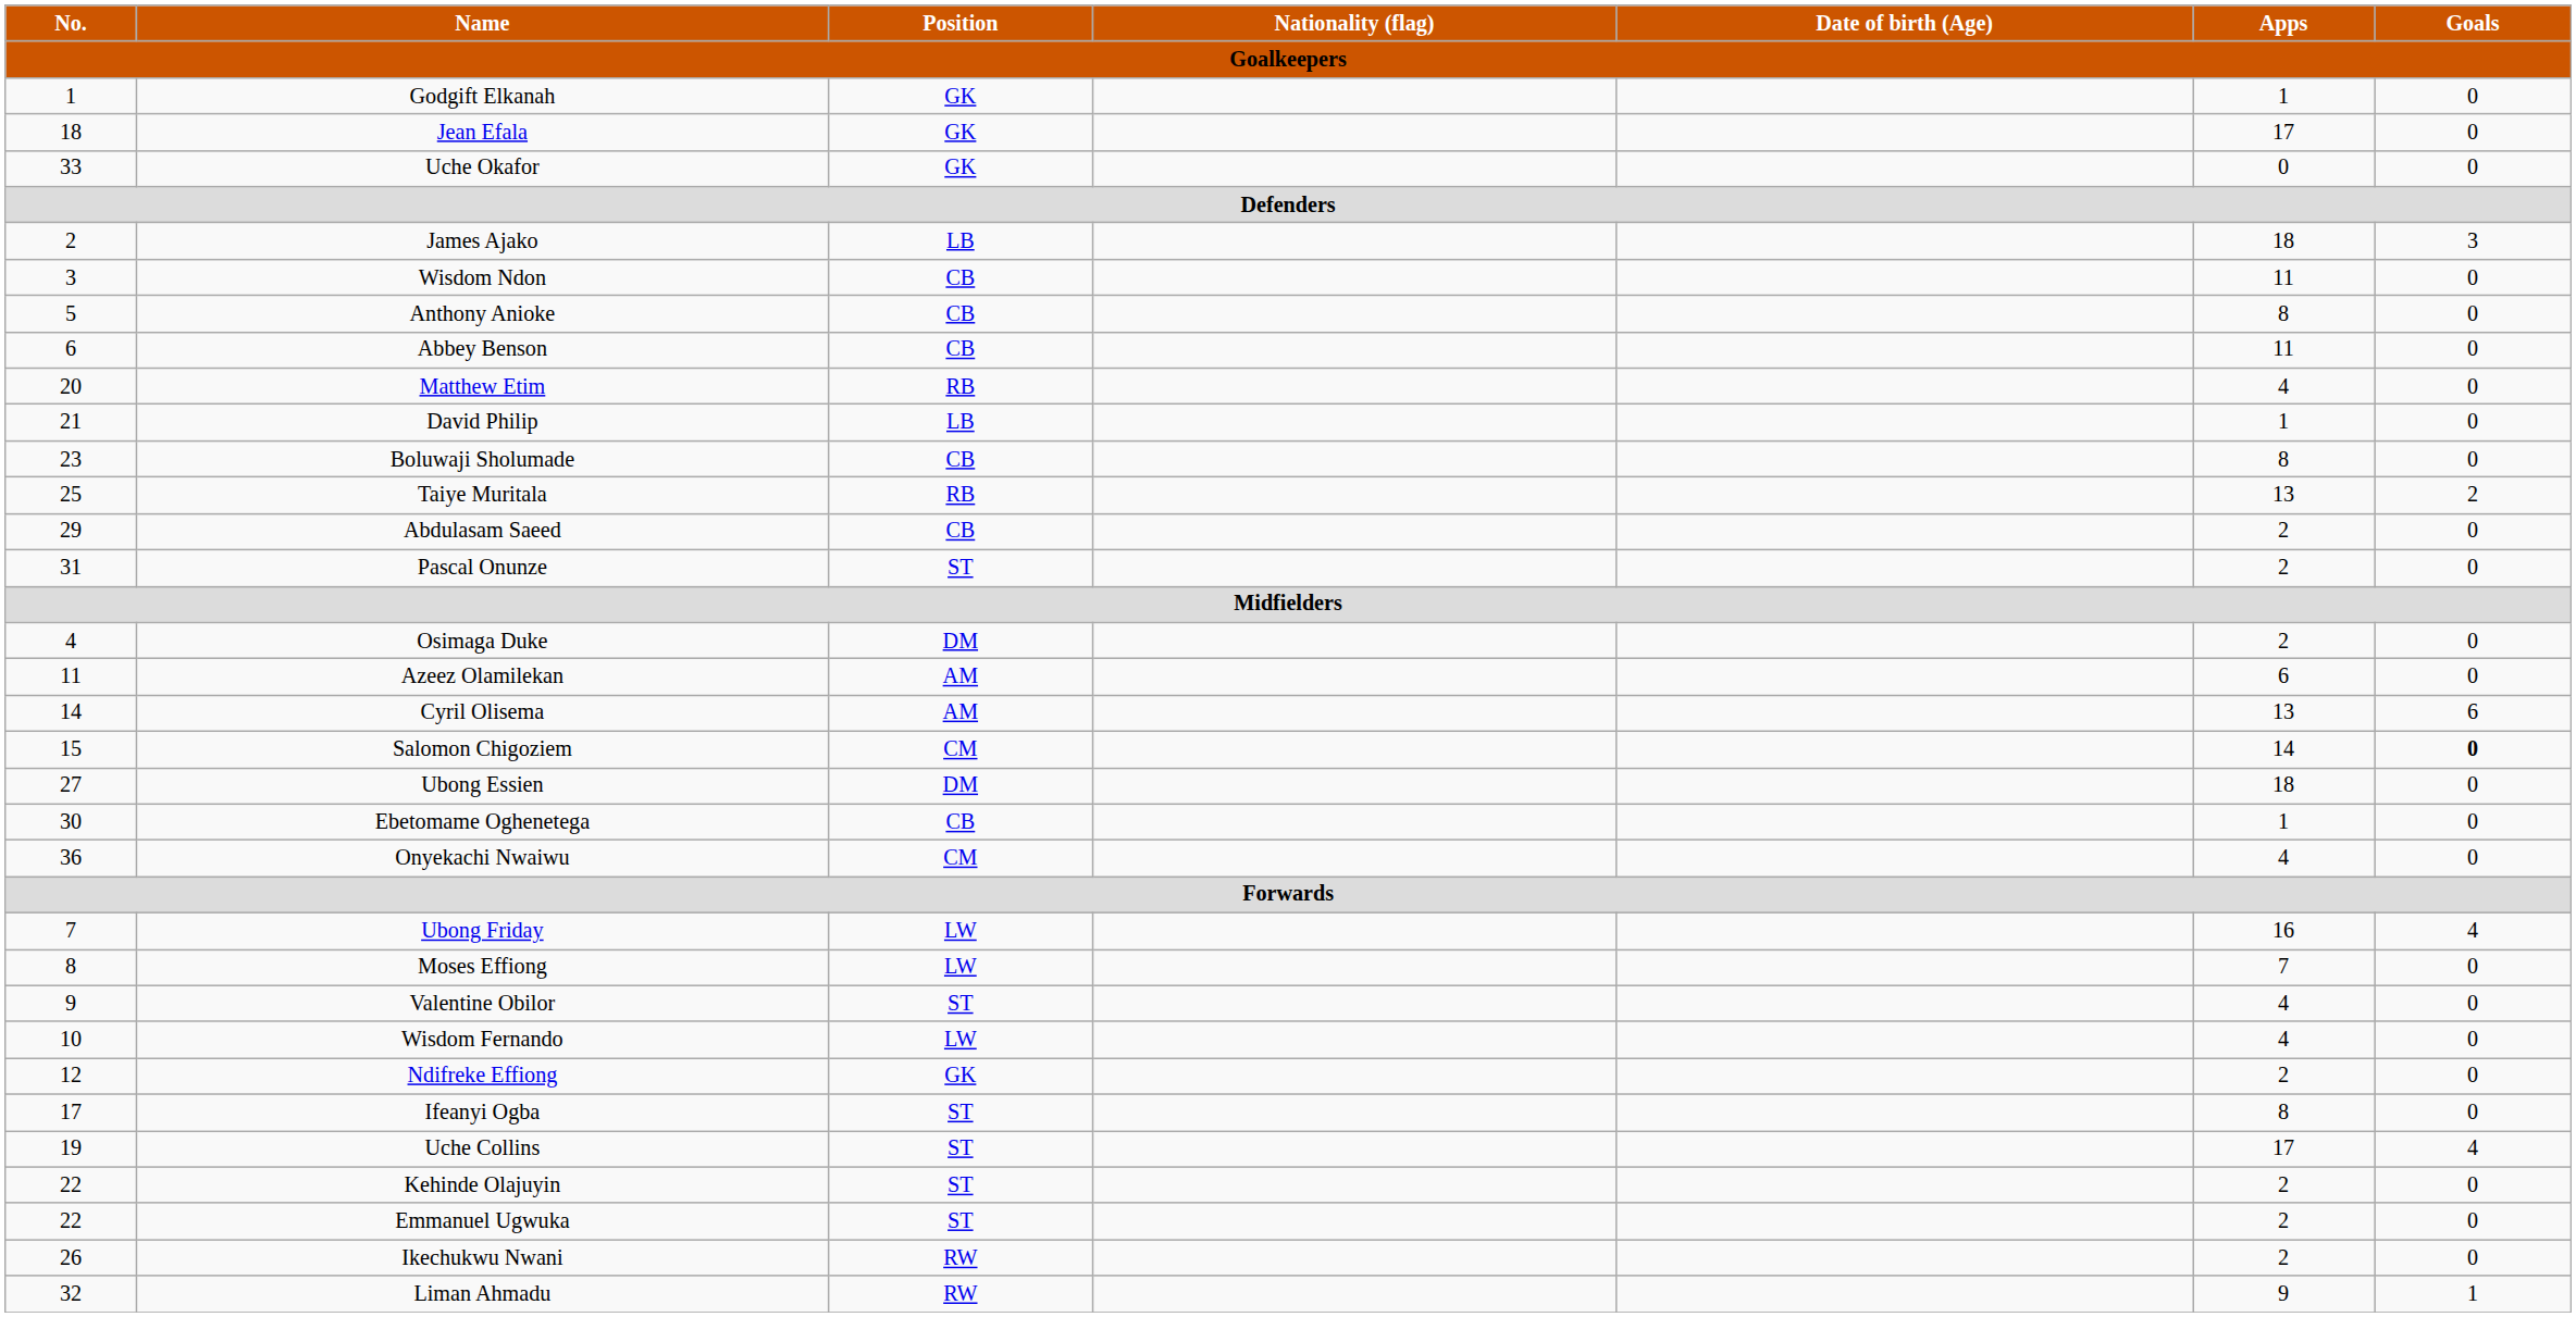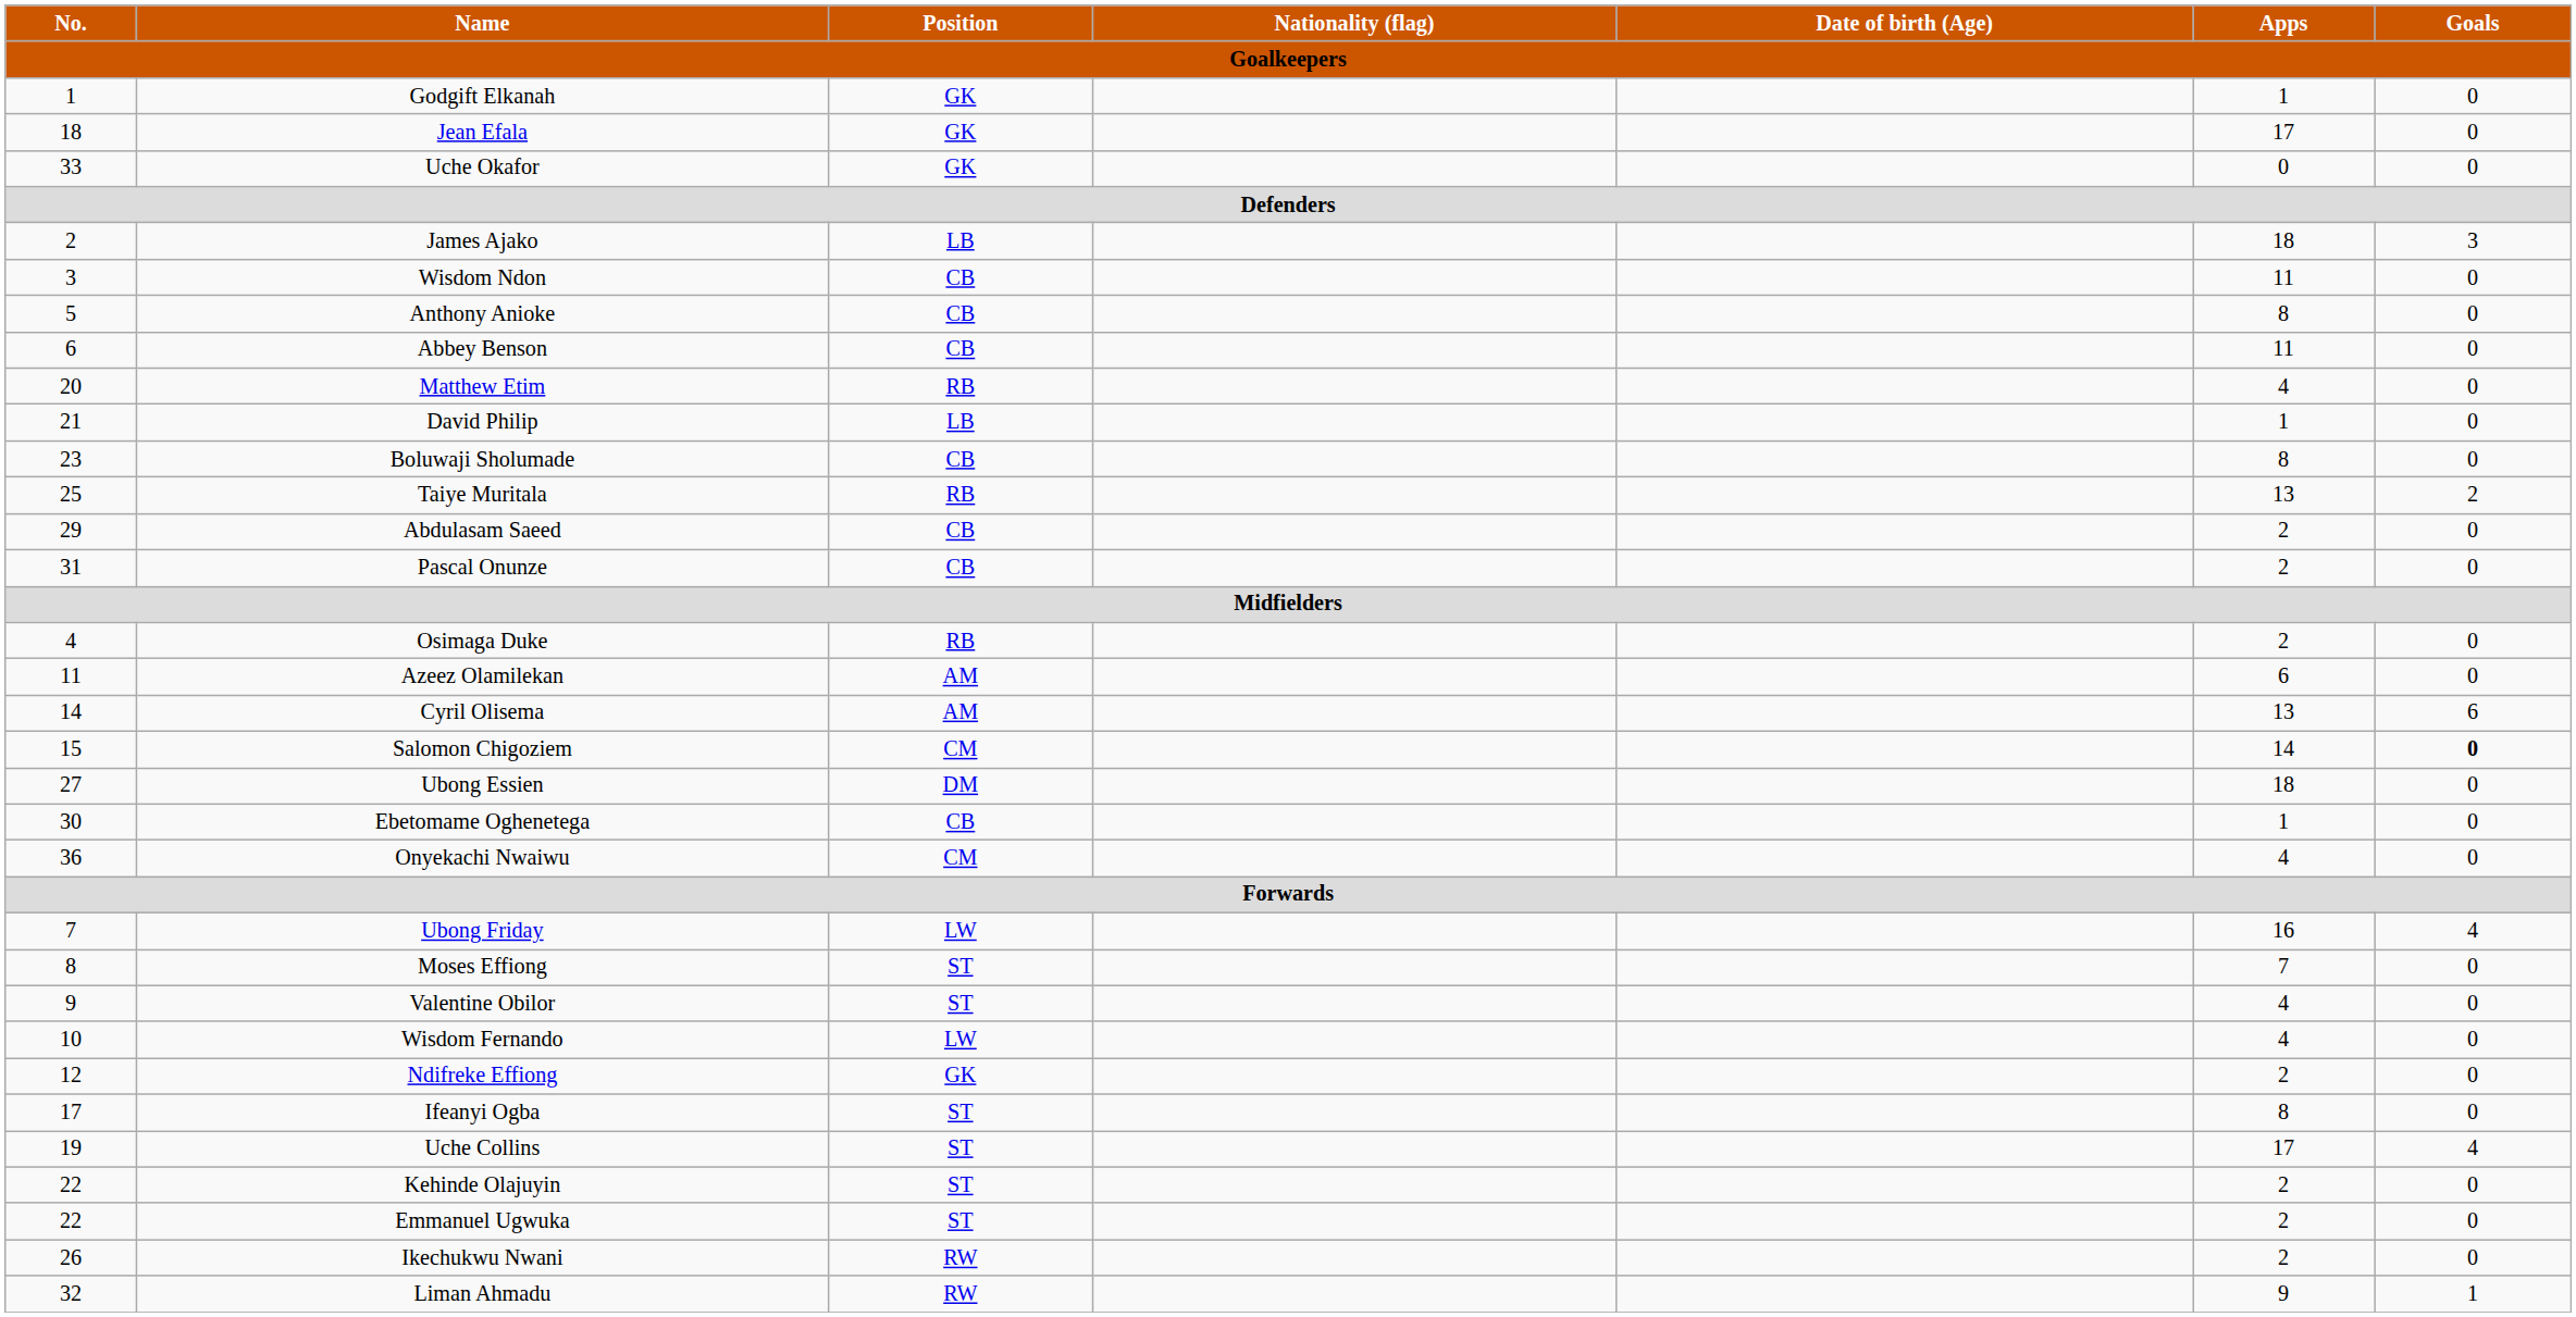 <table class="wikitable" style="text-align:center; font-size:84.5%; width:100%;">
 <tr>
 <th style="color:white; background:#c50; text-align:center;">No.</th>
 <th style="color:white; background:#c50; text-align:center;">Name</th>
 <th style="color:white; background:#c50; text-align:center;">Position</th>
 <th style="color:white; background:#c50; text-align:center;">Nationality (flag)</th>
 <th style="color:white; background:#c50; text-align:center;">Date of birth (Age)</th>
 <th style="color:white; background:#c50; text-align:center;">Apps</th>
 <th style="color:white; background:#c50; text-align:center;">Goals</th>
 </tr>
 <tr>
 <th colspan="14" style="background:#c50; tepxt-align:center;">Goalkeepers</th>
 </tr>
 <tr>
 <td>1</td>
 <td>Godgift Elkanah</td>
 <td><a href='#'>GK</a></td>
 <td></td>
 <td></td>
 <td>1</td>
 <td>0</td>
 </tr>
 <tr>
 <td>18</td>
 <td><a href='#'>Jean Efala</a></td>
 <td><a href='#'>GK</a></td>
 <td></td>
 <td></td>
 <td>17</td>
 <td>0</td>
 </tr>
 <tr>
 <td>33</td>
 <td>Uche Okafor</td>
 <td><a href='#'>GK</a></td>
 <td></td>
 <td></td>
 <td>0</td>
 <td>0</td>
 </tr>
 <tr>
 <th colspan="14" style="background:#dcdcdc; tepxt-align:center;">Defenders</th>
 </tr>
 <tr>
 <td>2</td>
 <td>James Ajako</td>
 <td><a href='#'>LB</a></td>
 <td></td>
 <td></td>
 <td>18</td>
 <td>3</td>
 </tr>
 <tr>
 <td>3</td>
 <td>Wisdom Ndon</td>
 <td><a href='#'>CB</a></td>
 <td></td>
 <td></td>
 <td>11</td>
 <td>0</td>
 </tr>
 <tr>
 <td>5</td>
 <td>Anthony Anioke</td>
 <td><a href='#'>CB</a></td>
 <td></td>
 <td></td>
 <td>8</td>
 <td>0</td>
 </tr>
 <tr>
 <td>6</td>
 <td>Abbey Benson</td>
 <td><a href='#'>CB</a></td>
 <td></td>
 <td></td>
 <td>11</td>
 <td>0</td>
 </tr>
 <tr>
 <td>20</td>
 <td><a href='#'>Matthew Etim</a></td>
 <td><a href='#'>RB</a></td>
 <td></td>
 <td></td>
 <td>4</td>
 <td>0</td>
 </tr>
 <tr>
 <td>21</td>
 <td>David Philip</td>
 <td><a href='#'>LB</a></td>
 <td></td>
 <td></td>
 <td>1</td>
 <td>0</td>
 </tr>
 <tr>
 <td>23</td>
 <td>Boluwaji Sholumade</td>
 <td><a href='#'>CB</a></td>
 <td></td>
 <td></td>
 <td>8</td>
 <td>0</td>
 </tr>
 <tr>
 <td>25</td>
 <td>Taiye Muritala</td>
 <td><a href='#'>RB</a></td>
 <td></td>
 <td></td>
 <td>13</td>
 <td>2</td>
 </tr>
 <tr>
 <td>29</td>
 <td>Abdulasam Saeed</td>
 <td><a href='#'>CB</a></td>
 <td></td>
 <td></td>
 <td>2</td>
 <td>0</td>
 </tr>
 <tr>
 <td>31</td>
 <td>Pascal Onunze</td>
-<td><a href='#'>ST</a></td>
+<td><a href='#'>CB</a></td>
 <td></td>
 <td></td>
 <td>2</td>
 <td>0</td>
 </tr>
 <tr>
 <th colspan="14" style="background:#dcdcdc; tepxt-align:center;">Midfielders</th>
 </tr>
 <tr>
 <td>4</td>
 <td>Osimaga Duke</td>
-<td><a href='#'>DM</a></td>
+<td><a href='#'>RB</a></td>
 <td></td>
 <td></td>
 <td>2</td>
 <td>0</td>
 </tr>
 <tr>
 <td>11</td>
 <td>Azeez Olamilekan</td>
 <td><a href='#'>AM</a></td>
 <td></td>
 <td></td>
 <td>6</td>
 <td>0</td>
 </tr>
 <tr>
 <td>14</td>
 <td>Cyril Olisema</td>
 <td><a href='#'>AM</a></td>
 <td></td>
 <td></td>
 <td>13</td>
 <td>6</td>
 </tr>
 <tr>
 <td>15</td>
 <td>Salomon Chigoziem</td>
 <td><a href='#'>CM</a></td>
 <td></td>
 <td></td>
 <td>14</td>
 <td><strong>0</strong></td>
 </tr>
 <tr>
 <td>27</td>
 <td>Ubong Essien</td>
 <td><a href='#'>DM</a></td>
 <td></td>
 <td></td>
 <td>18</td>
 <td>0</td>
 </tr>
 <tr>
 <td>30</td>
 <td>Ebetomame Oghenetega</td>
 <td><a href='#'>CB</a></td>
 <td></td>
 <td></td>
 <td>1</td>
 <td>0</td>
 </tr>
 <tr>
 <td>36</td>
 <td>Onyekachi Nwaiwu</td>
 <td><a href='#'>CM</a></td>
 <td></td>
 <td></td>
 <td>4</td>
 <td>0</td>
 </tr>
 <tr>
 <th colspan="14" style="background:#dcdcdc; tepxt-align:center;">Forwards</th>
 </tr>
 <tr>
 <td>7</td>
 <td><a href='#'>Ubong Friday</a></td>
 <td><a href='#'>LW</a></td>
 <td></td>
 <td></td>
 <td>16</td>
 <td>4</td>
 </tr>
 <tr>
 <td>8</td>
 <td>Moses Effiong</td>
-<td><a href='#'>LW</a></td>
+<td><a href='#'>ST</a></td>
 <td></td>
 <td></td>
 <td>7</td>
 <td>0</td>
 </tr>
 <tr>
 <td>9</td>
 <td>Valentine Obilor</td>
 <td><a href='#'>ST</a></td>
 <td></td>
 <td></td>
 <td>4</td>
 <td>0</td>
 </tr>
 <tr>
 <td>10</td>
 <td>Wisdom Fernando</td>
 <td><a href='#'>LW</a></td>
 <td></td>
 <td></td>
 <td>4</td>
 <td>0</td>
 </tr>
 <tr>
 <td>12</td>
 <td><a href='#'>Ndifreke Effiong</a></td>
 <td><a href='#'>GK</a></td>
 <td></td>
 <td></td>
 <td>2</td>
 <td>0</td>
 </tr>
 <tr>
 <td>17</td>
 <td>Ifeanyi Ogba</td>
 <td><a href='#'>ST</a></td>
 <td></td>
 <td></td>
 <td>8</td>
 <td>0</td>
 </tr>
 <tr>
 <td>19</td>
 <td>Uche Collins</td>
 <td><a href='#'>ST</a></td>
 <td></td>
 <td></td>
 <td>17</td>
 <td>4</td>
 </tr>
 <tr>
 <td>22</td>
 <td>Kehinde Olajuyin</td>
 <td><a href='#'>ST</a></td>
 <td></td>
 <td></td>
 <td>2</td>
 <td>0</td>
 </tr>
 <tr>
 <td>22</td>
 <td>Emmanuel Ugwuka</td>
 <td><a href='#'>ST</a></td>
 <td></td>
 <td></td>
 <td>2</td>
 <td>0</td>
 </tr>
 <tr>
 <td>26</td>
 <td>Ikechukwu Nwani</td>
 <td><a href='#'>RW</a></td>
 <td></td>
 <td></td>
 <td>2</td>
 <td>0</td>
 </tr>
 <tr>
 <td>32</td>
 <td>Liman Ahmadu</td>
 <td><a href='#'>RW</a></td>
 <td></td>
 <td></td>
 <td>9</td>
 <td>1</td>
 </tr>
 <tr>
 </tr>
 </table>
